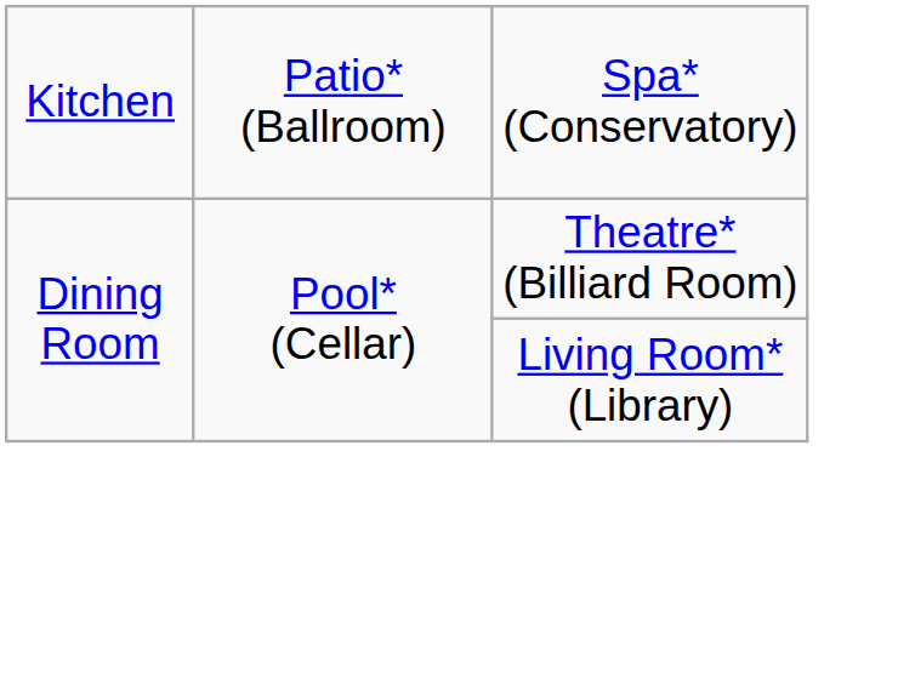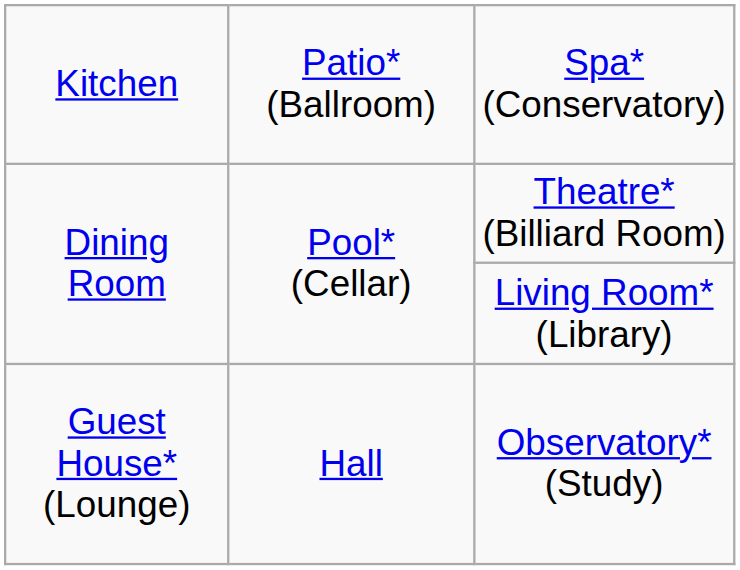 <table class="wikitable" style="text-align:center;">
 <tr>
 <td width="60px"><a href='#'>Kitchen</a></td>
 <td width="60px" style="padding:1em;"><a href='#'>Patio*</a> <br> (Ballroom)</td>
 <td width="60px"><a href='#'>Spa*</a> (Conservatory)</td>
 </tr>
 <tr>
 <td width="60px" rowspan="2"><a href='#'>Dining Room</a></td>
 <td rowspan="2"><a href='#'>Pool*</a> <br>(Cellar)</td>
 <td><a href='#'>Theatre*</a> <br>(Billiard Room)</td>
 </tr>
 <tr>
 <td width="60px"><a href='#'>Living Room*</a> (Library)</td>
 </tr>
+<tr>
+<td width="60px" style="padding:1em;"><a href='#'>Guest House*</a> (Lounge)</td>
+<td><a href='#'>Hall</a></td>
+<td><a href='#'>Observatory*</a> (Study)</td>
+</tr>
 </table>
